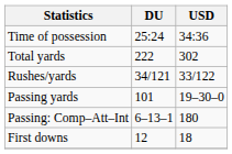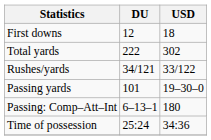 <table class="wikitable" style="float: left;">
 <tr>
 <th>Statistics</th>
 <th>DU</th>
 <th>USD</th>
 </tr>
 <tr>
-<td>Time of possession</td>
-<td>25:24</td>
-<td>34:36</td>
+<td>First downs</td>
+<td>12</td>
+<td>18</td>
 </tr>
 <tr>
 <td>Total yards</td>
 <td>222</td>
 <td>302</td>
 </tr>
 <tr>
 <td>Rushes/yards</td>
 <td>34/121</td>
 <td>33/122</td>
 </tr>
 <tr>
 <td>Passing yards</td>
 <td>101</td>
 <td>19–30–0</td>
 </tr>
 <tr>
 <td>Passing: Comp–Att–Int</td>
 <td>6–13–1</td>
 <td>180</td>
 </tr>
 <tr>
-<td>First downs</td>
-<td>12</td>
-<td>18</td>
+<td>Time of possession</td>
+<td>25:24</td>
+<td>34:36</td>
 </tr>
 <tr>
 </tr>
 </table>
